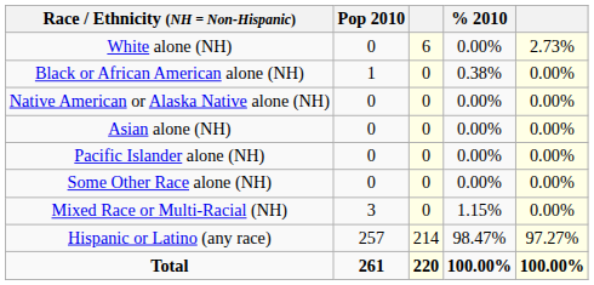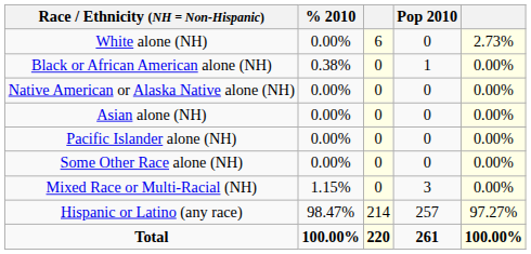 <table class="wikitable" style="text-align:center;">
 <tr>
 <th>Race / Ethnicity <small>(<em>NH = Non-Hispanic</em>)</small></th>
+<th>% 2010</th>
+<th></th>
 <th>Pop 2010</th>
-<th></th>
-<th>% 2010</th>
 <th></th>
 </tr>
 <tr>
 <td><a href='#'>White</a> alone (NH)</td>
+<td>0.00%</td>
+<td style='background: #ffffe6;'>6</td>
 <td>0</td>
-<td style='background: #ffffe6;'>6</td>
-<td>0.00%</td>
 <td style='background: #ffffe6;'>2.73%</td>
 </tr>
 <tr>
 <td><a href='#'>Black or African American</a> alone (NH)</td>
+<td>0.38%</td>
+<td style='background: #ffffe6;'>0</td>
 <td>1</td>
-<td style='background: #ffffe6;'>0</td>
-<td>0.38%</td>
 <td style='background: #ffffe6;'>0.00%</td>
 </tr>
 <tr>
 <td><a href='#'>Native American</a> or <a href='#'>Alaska Native</a> alone (NH)</td>
+<td>0.00%</td>
+<td style='background: #ffffe6;'>0</td>
 <td>0</td>
-<td style='background: #ffffe6;'>0</td>
-<td>0.00%</td>
 <td style='background: #ffffe6;'>0.00%</td>
 </tr>
 <tr>
 <td><a href='#'>Asian</a> alone (NH)</td>
+<td>0.00%</td>
+<td style='background: #ffffe6;'>0</td>
 <td>0</td>
-<td style='background: #ffffe6;'>0</td>
-<td>0.00%</td>
 <td style='background: #ffffe6;'>0.00%</td>
 </tr>
 <tr>
 <td><a href='#'>Pacific Islander</a> alone (NH)</td>
+<td>0.00%</td>
+<td style='background: #ffffe6;'>0</td>
 <td>0</td>
-<td style='background: #ffffe6;'>0</td>
-<td>0.00%</td>
 <td style='background: #ffffe6;'>0.00%</td>
 </tr>
 <tr>
 <td><a href='#'>Some Other Race</a> alone (NH)</td>
+<td>0.00%</td>
+<td style='background: #ffffe6;'>0</td>
 <td>0</td>
-<td style='background: #ffffe6;'>0</td>
-<td>0.00%</td>
 <td style='background: #ffffe6;'>0.00%</td>
 </tr>
 <tr>
 <td><a href='#'>Mixed Race or Multi-Racial</a> (NH)</td>
+<td>1.15%</td>
+<td style='background: #ffffe6;'>0</td>
 <td>3</td>
-<td style='background: #ffffe6;'>0</td>
-<td>1.15%</td>
 <td style='background: #ffffe6;'>0.00%</td>
 </tr>
 <tr>
 <td><a href='#'>Hispanic or Latino</a> (any race)</td>
+<td>98.47%</td>
+<td style='background: #ffffe6;'>214</td>
 <td>257</td>
-<td style='background: #ffffe6;'>214</td>
-<td>98.47%</td>
 <td style='background: #ffffe6;'>97.27%</td>
 </tr>
 <tr>
 <td><strong>Total</strong></td>
+<td><strong>100.00%</strong></td>
+<td style='background: #ffffe6;'><strong>220</strong></td>
 <td><strong>261</strong></td>
-<td style='background: #ffffe6;'><strong>220</strong></td>
-<td><strong>100.00%</strong></td>
 <td style='background: #ffffe6;'><strong>100.00%</strong></td>
 </tr>
 </table>
